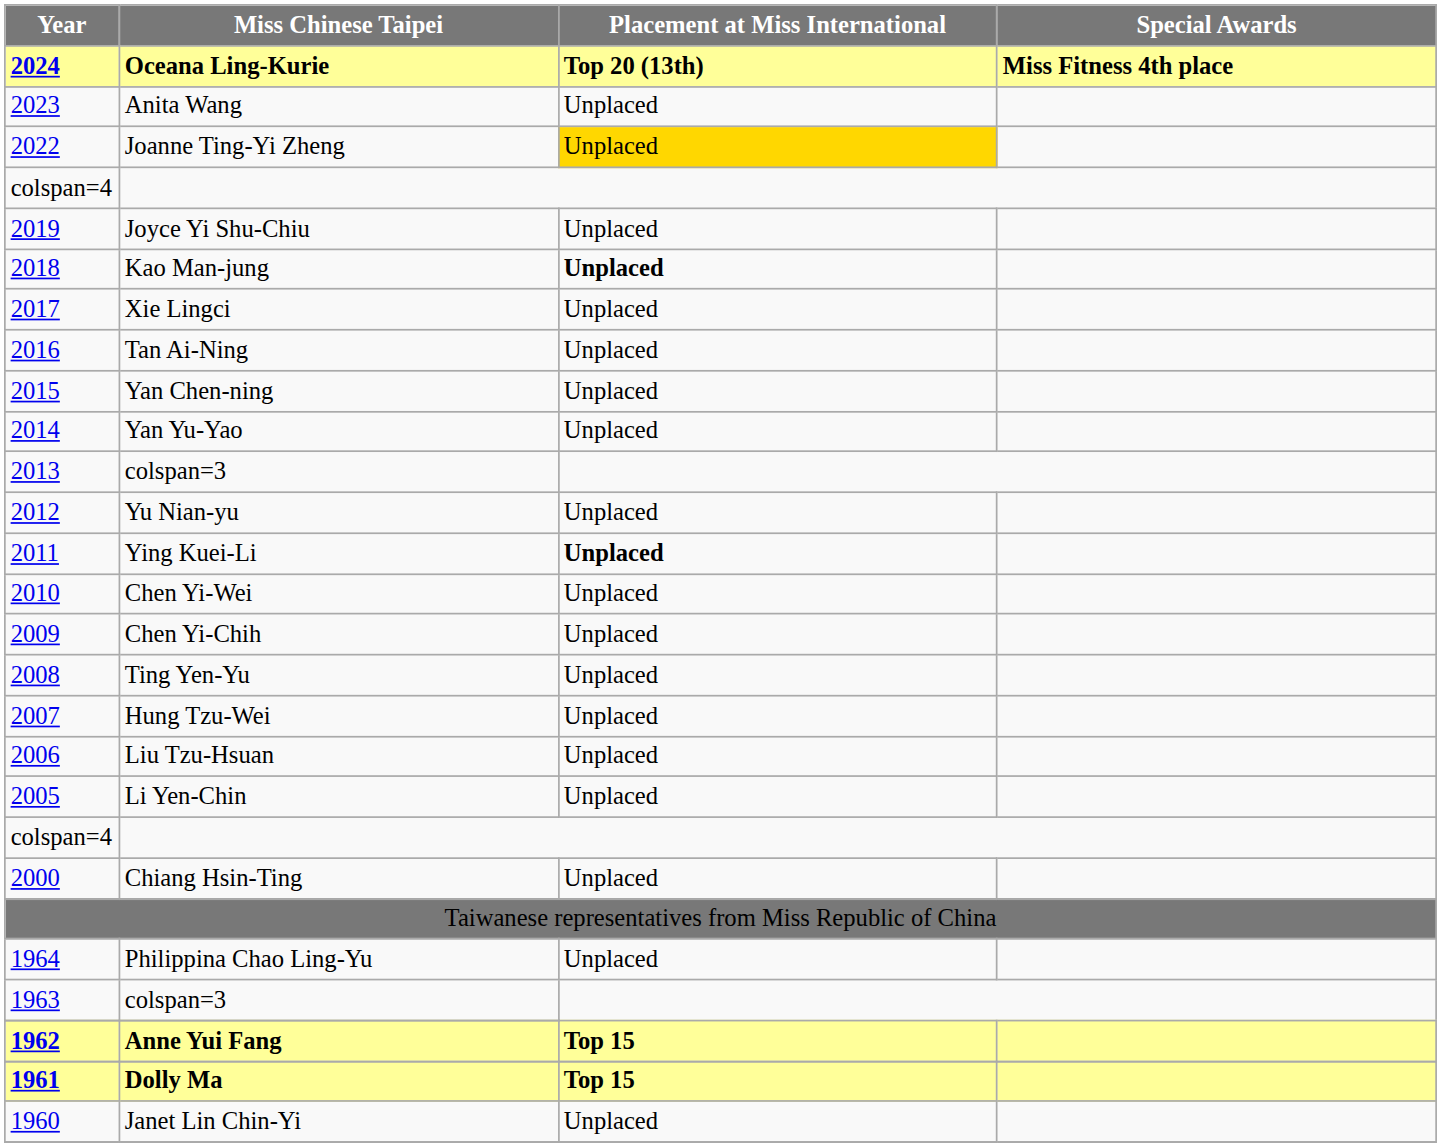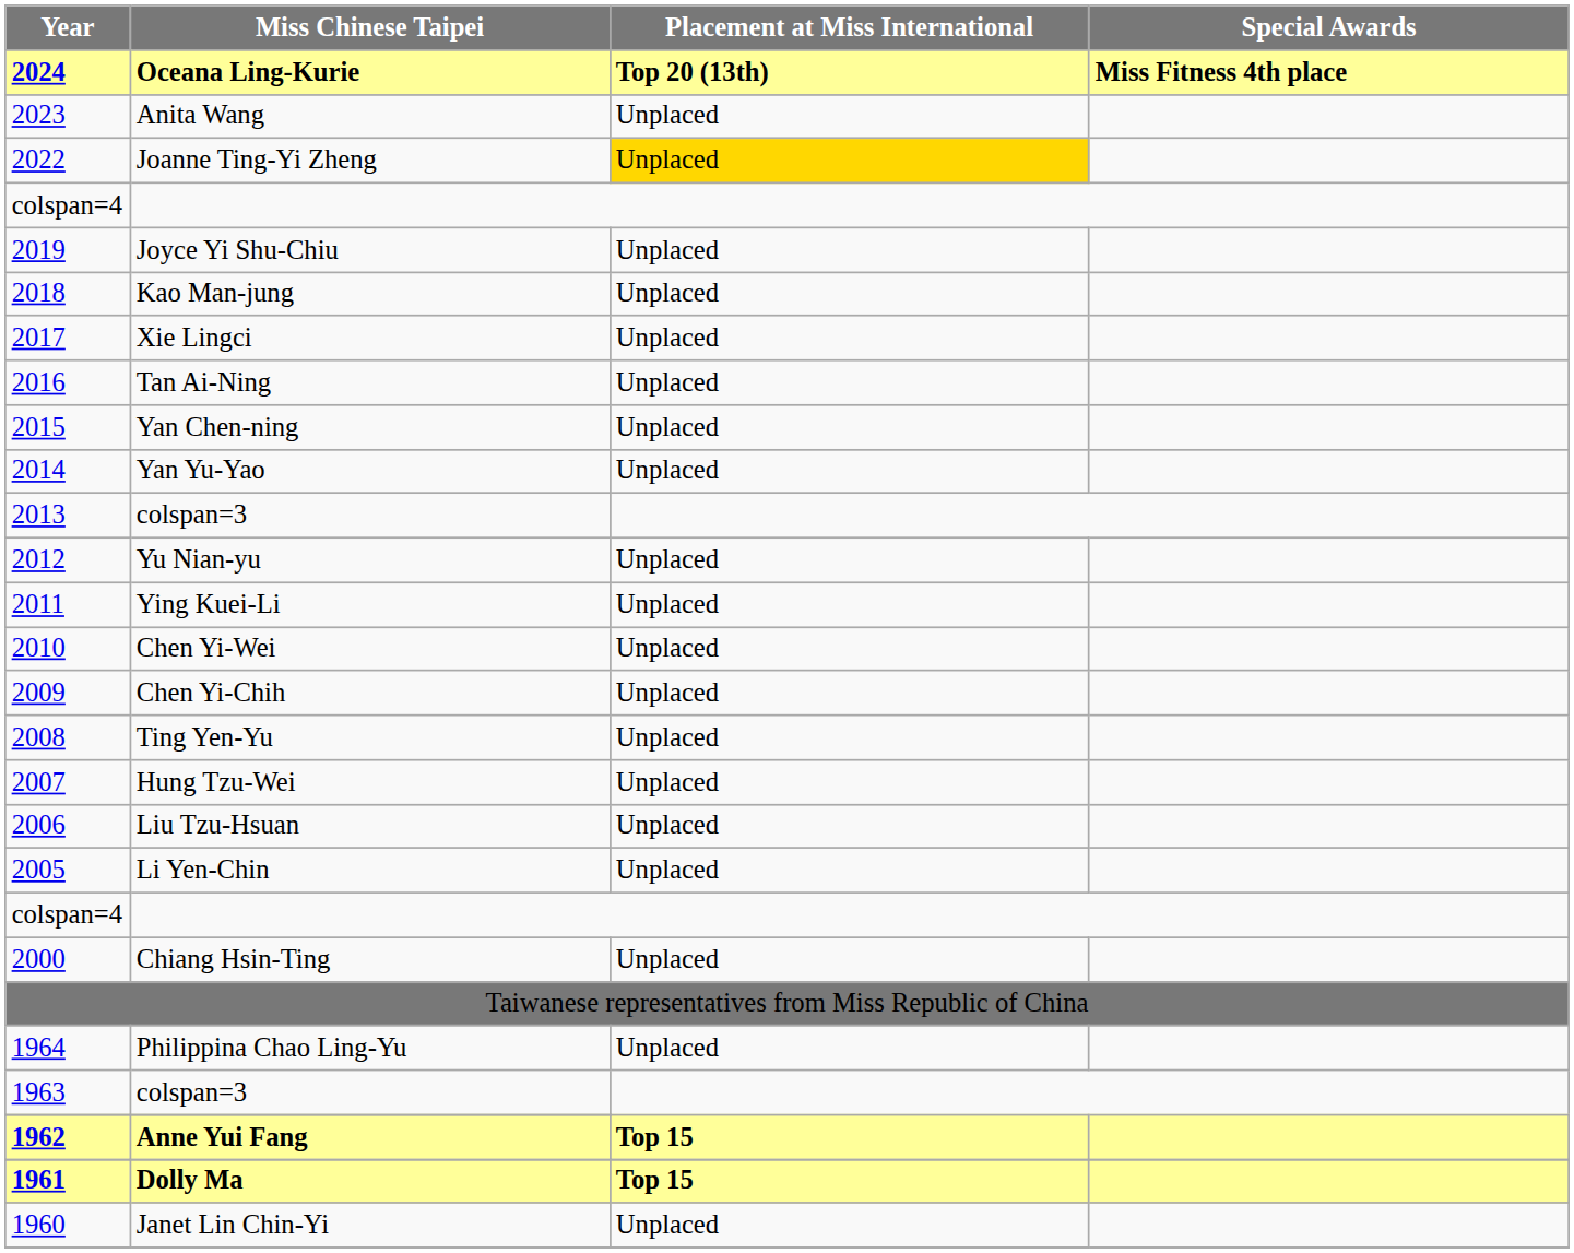 <table class="wikitable " style="font-size: 90%;">
 <tr>
 <th width="60" style="background-color:#787878;color:#FFFFFF;">Year</th>
 <th width="250" style="background-color:#787878;color:#FFFFFF;">Miss Chinese Taipei</th>
 <th width="250" style="background-color:#787878;color:#FFFFFF;">Placement at Miss International</th>
 <th width="250" style="background-color:#787878;color:#FFFFFF;">Special Awards</th>
 </tr>
 <tr style="background-color:#FFFF99; font-weight:">
 <td><a href='#'><strong>2024</strong></a></td>
 <td><strong>Oceana Ling-Kurie</strong></td>
 <td><strong>Top 20 (13th)</strong></td>
 <td><strong>Miss Fitness 4th place</strong></td>
 </tr>
 <tr>
 <td><a href='#'>2023</a></td>
 <td>Anita Wang</td>
 <td>Unplaced</td>
 <td></td>
 </tr>
 <tr>
 <td><a href='#'>2022</a></td>
 <td>Joanne Ting-Yi Zheng</td>
 <td style="background: gold;">Unplaced</td>
 <td></td>
 </tr>
 <tr>
 <td>colspan=4 </td>
 </tr>
 <tr>
 <td><a href='#'>2019</a></td>
 <td>Joyce Yi Shu-Chiu</td>
 <td>Unplaced</td>
 <td></td>
 </tr>
 <tr>
 <td><a href='#'>2018</a></td>
 <td>Kao Man-jung</td>
-<td><strong>Unplaced</strong></td>
+<td>Unplaced</td>
 <td></td>
 </tr>
 <tr>
 <td><a href='#'>2017</a></td>
 <td>Xie Lingci</td>
 <td>Unplaced</td>
 <td></td>
 </tr>
 <tr>
 <td><a href='#'>2016</a></td>
 <td>Tan Ai-Ning</td>
 <td>Unplaced</td>
 <td></td>
 </tr>
 <tr>
 <td><a href='#'>2015</a></td>
 <td>Yan Chen-ning</td>
 <td>Unplaced</td>
 <td></td>
 </tr>
 <tr>
 <td><a href='#'>2014</a></td>
 <td>Yan Yu-Yao</td>
 <td>Unplaced</td>
 <td></td>
 </tr>
 <tr>
 <td><a href='#'>2013</a></td>
 <td>colspan=3 </td>
 </tr>
 <tr>
 <td><a href='#'>2012</a></td>
 <td>Yu Nian-yu</td>
 <td>Unplaced</td>
 <td></td>
 </tr>
 <tr>
 <td><a href='#'>2011</a></td>
 <td>Ying Kuei-Li</td>
-<td><strong>Unplaced</strong></td>
+<td>Unplaced</td>
 <td></td>
 </tr>
 <tr>
 <td><a href='#'>2010</a></td>
 <td>Chen Yi-Wei</td>
 <td>Unplaced</td>
 <td></td>
 </tr>
 <tr>
 <td><a href='#'>2009</a></td>
 <td>Chen Yi-Chih</td>
 <td>Unplaced</td>
 <td></td>
 </tr>
 <tr>
 <td><a href='#'>2008</a></td>
 <td>Ting Yen-Yu</td>
 <td>Unplaced</td>
 <td></td>
 </tr>
 <tr>
 <td><a href='#'>2007</a></td>
 <td>Hung Tzu-Wei</td>
 <td>Unplaced</td>
 <td></td>
 </tr>
 <tr>
 <td><a href='#'>2006</a></td>
 <td>Liu Tzu-Hsuan</td>
 <td>Unplaced</td>
 <td></td>
 </tr>
 <tr>
 <td><a href='#'>2005</a></td>
 <td>Li Yen-Chin</td>
 <td>Unplaced</td>
 <td></td>
 </tr>
 <tr>
 <td>colspan=4 </td>
 </tr>
 <tr>
 <td><a href='#'>2000</a></td>
 <td>Chiang Hsin-Ting</td>
 <td>Unplaced</td>
 <td></td>
 </tr>
 <tr>
 </tr>
 <tr bgcolor="#787878" align="center">
 <td colspan="4"><span>Taiwanese representatives from Miss Republic of China</span></td>
 </tr>
 <tr>
 <td><a href='#'>1964</a></td>
 <td>Philippina Chao Ling-Yu</td>
 <td>Unplaced</td>
 <td></td>
 </tr>
 <tr>
 <td><a href='#'>1963</a></td>
 <td>colspan=3 </td>
 </tr>
 <tr>
 </tr>
 <tr style="background-color:#FFFF99; font-weight:">
 <td><a href='#'><strong>1962</strong></a></td>
 <td><strong>Anne Yui Fang</strong></td>
 <td><strong>Top 15</strong></td>
 <td></td>
 </tr>
 <tr>
 </tr>
 <tr style="background-color:#FFFF99; font-weight:">
 <td><a href='#'><strong>1961</strong></a></td>
 <td><strong>Dolly Ma</strong></td>
 <td><strong>Top 15</strong></td>
 <td></td>
 </tr>
 <tr>
 <td><a href='#'>1960</a></td>
 <td>Janet Lin Chin-Yi</td>
 <td>Unplaced</td>
 <td></td>
 </tr>
 <tr>
 </tr>
 </table>
